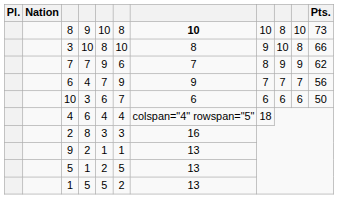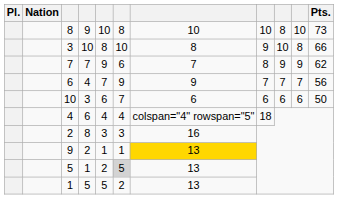 <table class="wikitable sortable" style="text-align:center">
 <tr>
 <th>Pl.</th>
 <th>Nation</th>
 <th></th>
 <th></th>
 <th></th>
 <th></th>
 <th></th>
 <th></th>
 <th></th>
 <th></th>
 <th>Pts.</th>
 </tr>
 <tr>
 <th></th>
 <td align=left></td>
 <td>8</td>
 <td>9</td>
 <td>10</td>
 <td>8</td>
-<td><strong>10</strong></td>
+<td>10</td>
 <td>10</td>
 <td>8</td>
 <td>10</td>
 <td>73</td>
 </tr>
 <tr>
 <th></th>
 <td align=left></td>
 <td>3</td>
 <td>10</td>
 <td>8</td>
 <td>10</td>
 <td>8</td>
 <td>9</td>
 <td>10</td>
 <td>8</td>
 <td>66</td>
 </tr>
 <tr>
 <th></th>
 <td align=left></td>
 <td>7</td>
 <td>7</td>
 <td>9</td>
 <td>6</td>
 <td>7</td>
 <td>8</td>
 <td>9</td>
 <td>9</td>
 <td>62</td>
 </tr>
 <tr>
 <th></th>
 <td align=left></td>
 <td>6</td>
 <td>4</td>
 <td>7</td>
 <td>9</td>
 <td>9</td>
 <td>7</td>
 <td>7</td>
 <td>7</td>
 <td>56</td>
 </tr>
 <tr>
 <th></th>
 <td align=left></td>
 <td>10</td>
 <td>3</td>
 <td>6</td>
 <td>7</td>
 <td>6</td>
 <td>6</td>
 <td>6</td>
 <td>6</td>
 <td>50</td>
 </tr>
 <tr>
 <th></th>
 <td align=left></td>
 <td>4</td>
 <td>6</td>
 <td>4</td>
 <td>4</td>
 <td>colspan="4" rowspan="5" </td>
 <td>18</td>
 </tr>
 <tr>
 <th></th>
 <td align=left></td>
 <td>2</td>
 <td>8</td>
 <td>3</td>
 <td>3</td>
 <td>16</td>
 </tr>
 <tr>
 <th></th>
 <td align=left></td>
 <td>9</td>
 <td>2</td>
 <td>1</td>
 <td>1</td>
-<td>13</td>
+<td style="background: gold;">13</td>
 </tr>
 <tr>
 <th></th>
 <td align=left></td>
 <td>5</td>
 <td>1</td>
 <td>2</td>
-<td>5</td>
+<td style="background: lightgrey;">5</td>
 <td>13</td>
 </tr>
 <tr>
 <th></th>
 <td align=left></td>
 <td>1</td>
 <td>5</td>
 <td>5</td>
 <td>2</td>
 <td>13</td>
 </tr>
 </table>
